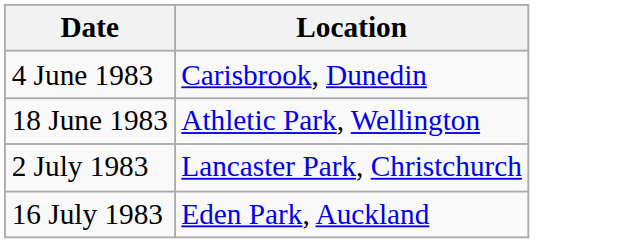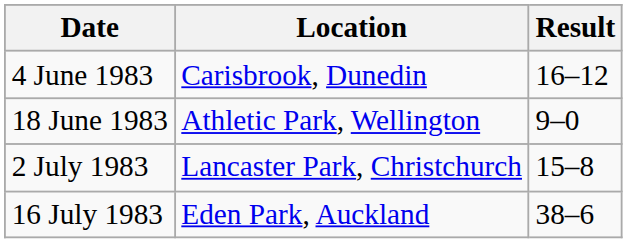 <table class="wikitable" style="align:center;">
 <tr>
 <th>Date</th>
 <th>Location</th>
+<th>Result</th>
 </tr>
 <tr>
 <td>4 June 1983</td>
 <td><a href='#'>Carisbrook</a>, <a href='#'>Dunedin</a></td>
+<td> 16–12 </td>
 </tr>
 <tr>
 <td>18 June 1983</td>
 <td><a href='#'>Athletic Park</a>, <a href='#'>Wellington</a></td>
+<td> 9–0 </td>
 </tr>
 <tr>
 <td>2 July 1983</td>
 <td><a href='#'>Lancaster Park</a>, <a href='#'>Christchurch</a></td>
+<td> 15–8 </td>
 </tr>
 <tr>
 <td>16 July 1983</td>
 <td><a href='#'>Eden Park</a>, <a href='#'>Auckland</a></td>
+<td> 38–6 </td>
 </tr>
 </table>
